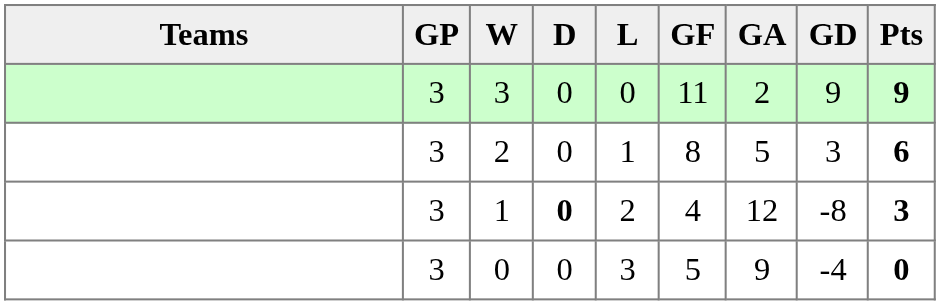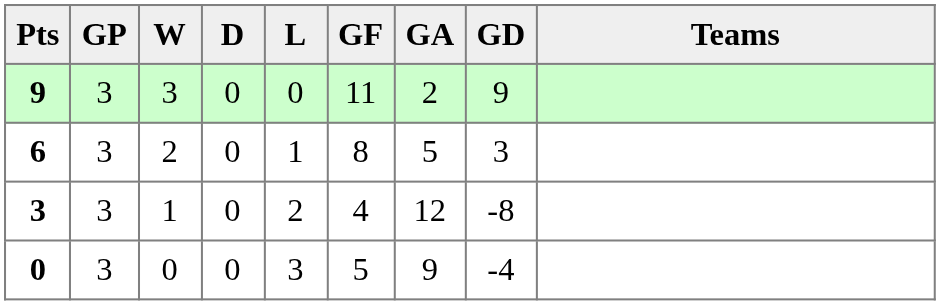 <table style=border-collapse:collapse border=1 cellspacing=0 cellpadding=5>
 <tr align=center bgcolor=#efefef>
-<th width=185>Teams</th>
+<th width=20>Pts<br></th>
 <th width=20>GP</th>
 <th width=20>W</th>
 <th width=20>D</th>
 <th width=20>L</th>
 <th width=20>GF</th>
 <th width=20>GA</th>
 <th width=20>GD</th>
-<th width=20>Pts<br></th>
+<th width=185>Teams</th>
 </tr>
 <tr align=center style="background:#ccffcc;">
-<td style="text-align:left;"></td>
+<td><strong>9</strong></td>
 <td>3</td>
 <td>3</td>
 <td>0</td>
 <td>0</td>
 <td>11</td>
 <td>2</td>
 <td>9</td>
-<td><strong>9</strong></td>
+<td style="text-align:left;"></td>
 </tr>
 <tr align=center>
-<td style="text-align:left;"></td>
+<td><strong>6</strong></td>
 <td>3</td>
 <td>2</td>
 <td>0</td>
 <td>1</td>
 <td>8</td>
 <td>5</td>
 <td>3</td>
-<td><strong>6</strong></td>
+<td style="text-align:left;"></td>
 </tr>
 <tr align=center>
-<td style="text-align:left;"></td>
+<td><strong>3</strong></td>
 <td>3</td>
 <td>1</td>
-<td><strong>0</strong></td>
+<td>0</td>
 <td>2</td>
 <td>4</td>
 <td>12</td>
 <td>-8</td>
-<td><strong>3</strong></td>
+<td style="text-align:left;"></td>
 </tr>
 <tr align=center>
-<td style="text-align:left;"></td>
+<td><strong>0</strong></td>
 <td>3</td>
 <td>0</td>
 <td>0</td>
 <td>3</td>
 <td>5</td>
 <td>9</td>
 <td>-4</td>
-<td><strong>0</strong></td>
+<td style="text-align:left;"></td>
 </tr>
 </table>
